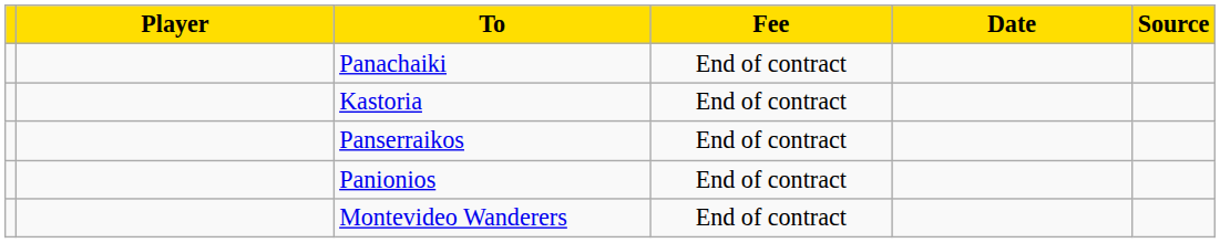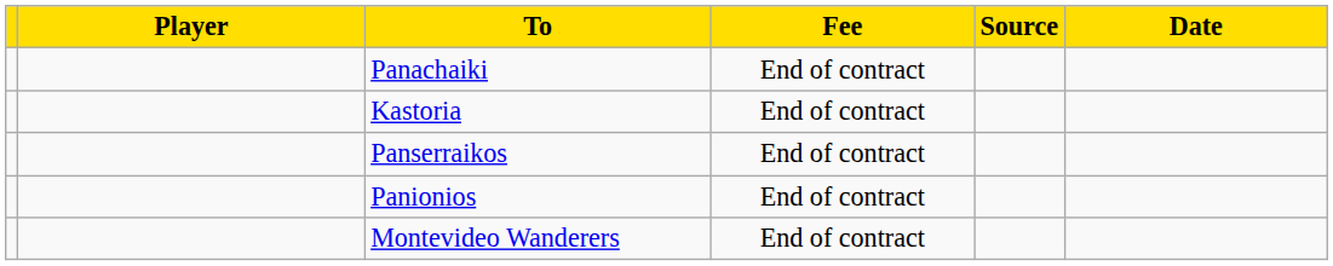 <table class="wikitable sortable">
 <tr>
 <th style="background:#FFDE00"></th>
 <th width=200 style="background:#FFDE00">Player</th>
 <th width=200 style="background:#FFDE00">To</th>
 <th width=150 style="background:#FFDE00">Fee</th>
+<th style="background:#FFDE00">Source</th>
 <th width=150 style="background:#FFDE00">Date</th>
-<th style="background:#FFDE00">Source</th>
 </tr>
 <tr>
 <td align=center></td>
 <td></td>
 <td> <a href='#'>Panachaiki</a></td>
 <td align=center>End of contract</td>
 <td align=center></td>
 <td align=center></td>
 </tr>
 <tr>
 <td align=center></td>
 <td></td>
 <td> <a href='#'>Kastoria</a></td>
 <td align=center>End of contract</td>
 <td align=center></td>
 <td align=center></td>
 </tr>
 <tr>
 <td align=center></td>
 <td></td>
 <td> <a href='#'>Panserraikos</a></td>
 <td align=center>End of contract</td>
 <td align=center></td>
 <td align=center></td>
 </tr>
 <tr>
 <td align=center></td>
 <td></td>
 <td> <a href='#'>Panionios</a></td>
 <td align=center>End of contract</td>
 <td align=center></td>
 <td align=center></td>
 </tr>
 <tr>
 <td align=center></td>
 <td></td>
 <td> <a href='#'>Montevideo Wanderers</a></td>
 <td align=center>End of contract</td>
 <td align=center></td>
 <td align=center></td>
 </tr>
 </table>
